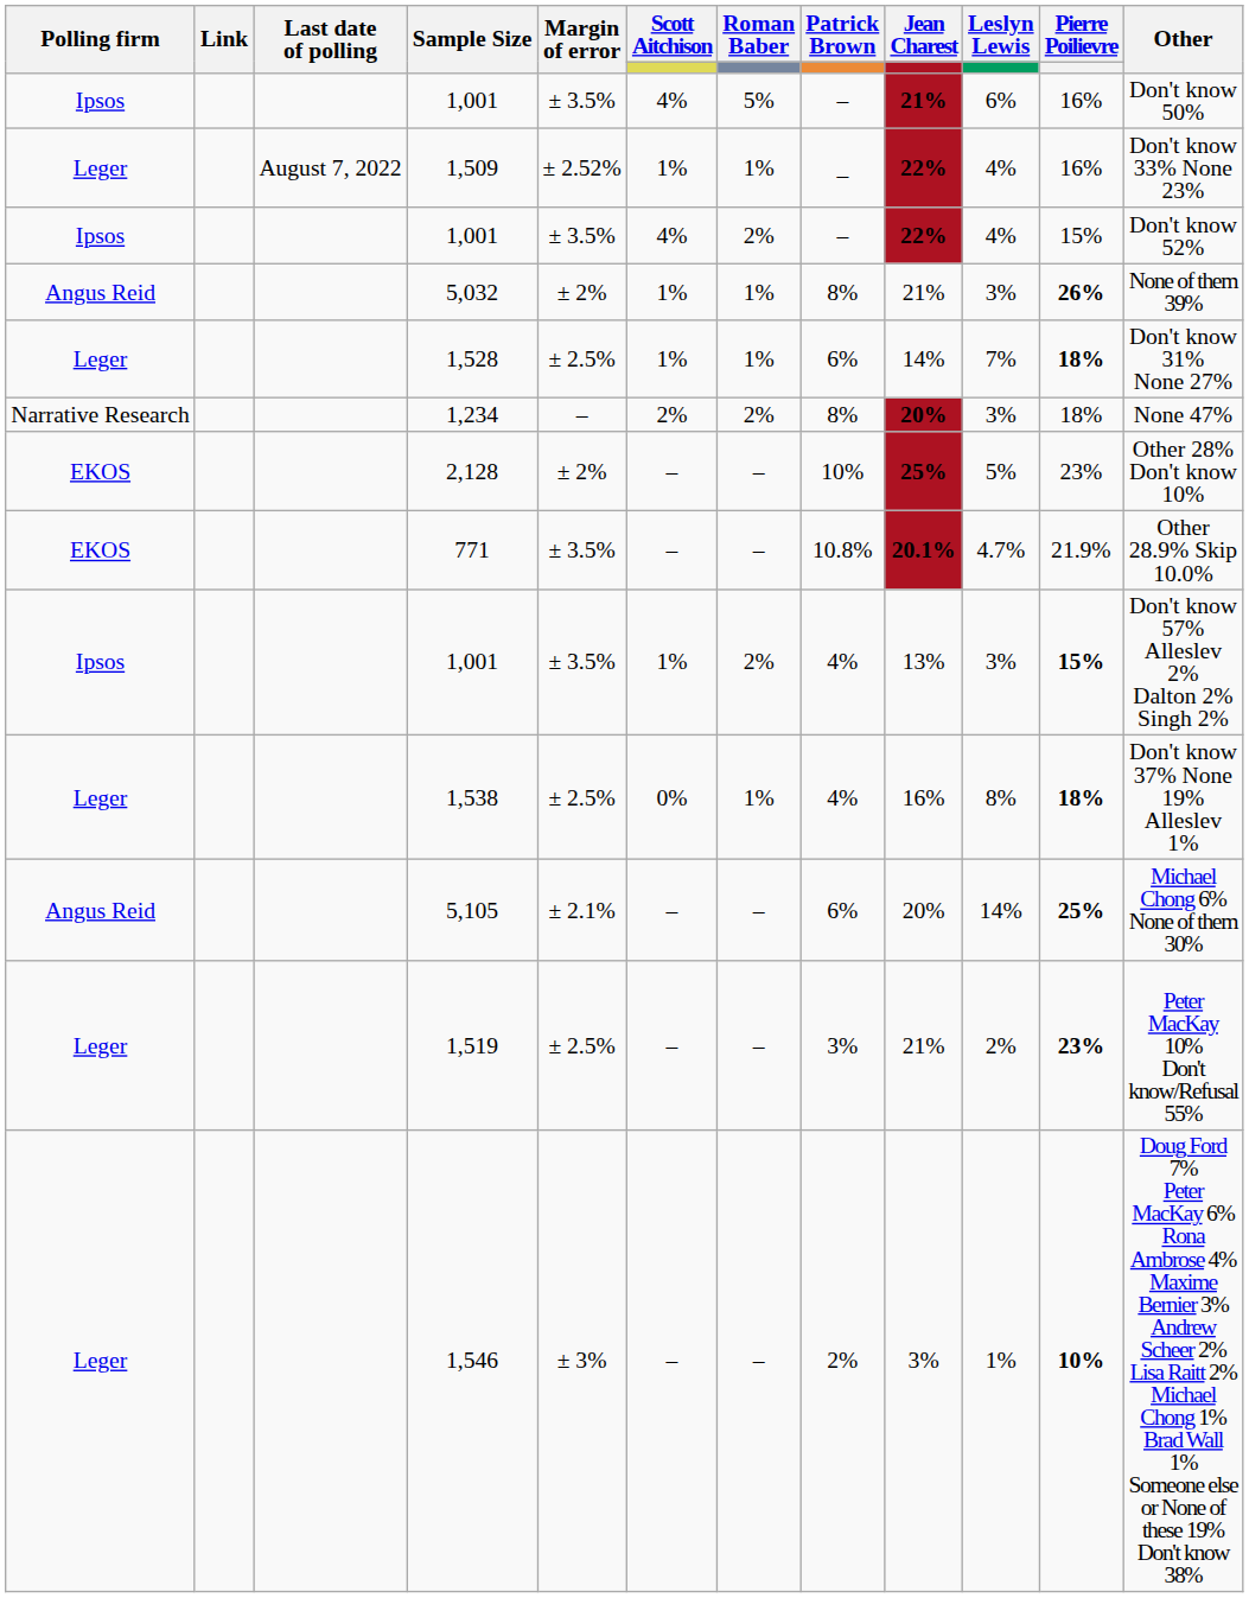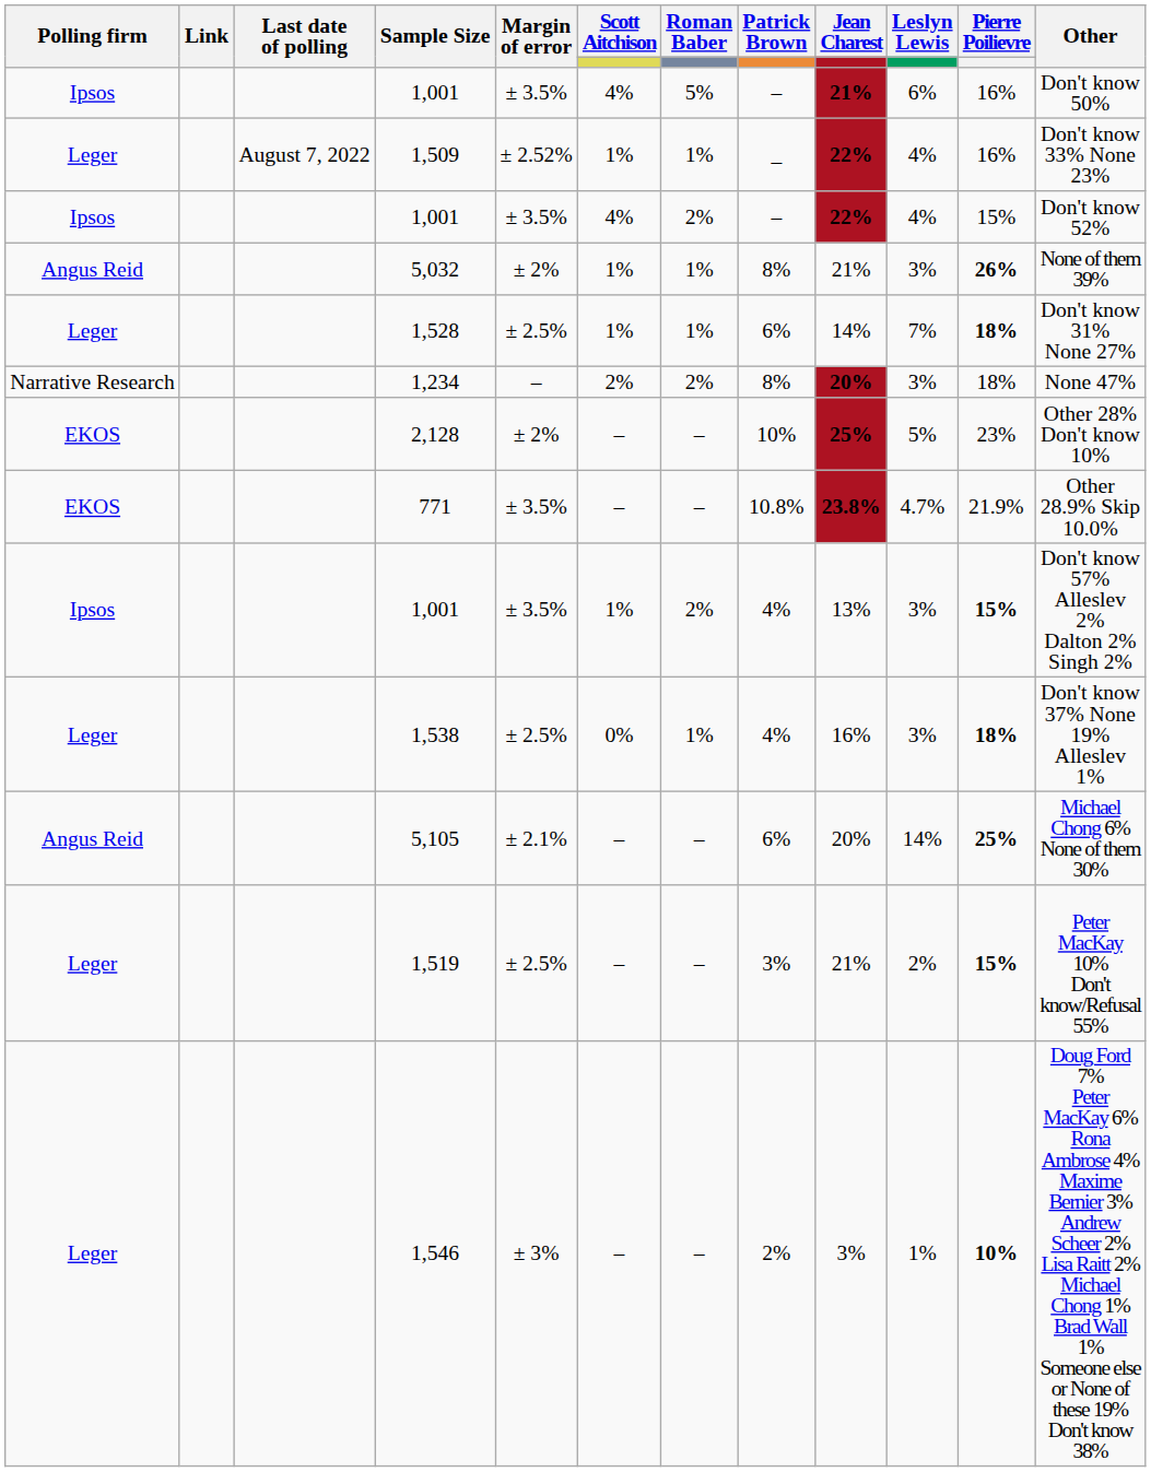 <table class="wikitable sortable mw-datatable" style="text-align:center; line-height:14px;font-size:90%;">
 <tr>
 <th rowspan="2">Polling firm</th>
 <th rowspan="2" class="unsortable">Link</th>
 <th rowspan="2">Last date<br>of polling</th>
 <th rowspan="2" class="unsortable">Sample Size</th>
 <th rowspan="2">Margin<br>of error</th>
 <th style="width:25px;letter-spacing:-1px;"><a href='#'>Scott Aitchison</a></th>
 <th style="width:25px;"><a href='#'>Roman Baber</a></th>
 <th style="width:25px;"><a href='#'>Patrick Brown</a></th>
 <th style="width:25px;letter-spacing:-1px;"><a href='#'>Jean Charest</a></th>
 <th style="width:25px;"><a href='#'>Leslyn Lewis</a></th>
 <th style="width:25px;letter-spacing:-1px;"><a href='#'>Pierre Poilievre</a></th>
 <th rowspan="2" style="width:25px;">Other</th>
 </tr>
 <tr class="sorttop">
 <th style="background-color:#dfda57;"></th>
 <th style="background-color:#75859e;"></th>
 <th style="background-color:#ec8a37;"></th>
 <th style="background-color:#AD1222;"></th>
 <th style="background-color:#009E60;"></th>
 <th style="background-color:"></th>
 </tr>
 <tr>
 <td><a href='#'>Ipsos</a></td>
 <td></td>
 <td></td>
 <td>1,001</td>
 <td>± 3.5%</td>
 <td>4%</td>
 <td>5%</td>
 <td>–</td>
 <td style="background-color:#AD1222;"><strong>21%</strong></td>
 <td>6%</td>
 <td>16%</td>
 <td>Don't know 50%</td>
 </tr>
 <tr>
 <td><a href='#'>Leger</a></td>
 <td></td>
 <td>August 7, 2022</td>
 <td>1,509</td>
 <td>± 2.52%</td>
 <td>1%</td>
 <td>1%</td>
 <td>_</td>
 <td style="background-color:#AD1222;"><strong>22%</strong></td>
 <td>4%</td>
 <td>16%</td>
 <td>Don't know 33% None 23%</td>
 </tr>
 <tr>
 <td><a href='#'>Ipsos</a></td>
 <td></td>
 <td></td>
 <td>1,001</td>
 <td>± 3.5%</td>
 <td>4%</td>
 <td>2%</td>
 <td>–</td>
 <td style="background-color:#AD1222;"><strong>22%</strong></td>
 <td>4%</td>
 <td>15%</td>
 <td>Don't know 52%</td>
 </tr>
 <tr>
 <td><a href='#'>Angus Reid</a></td>
 <td></td>
 <td></td>
 <td>5,032</td>
 <td>± 2%</td>
 <td>1%</td>
 <td>1%</td>
 <td>8%</td>
 <td>21%</td>
 <td>3%</td>
 <td style="background-color:"><strong>26%</strong></td>
 <td style="letter-spacing:-1px;">None of them 39%</td>
 </tr>
 <tr>
 <td><a href='#'>Leger</a></td>
 <td></td>
 <td></td>
 <td>1,528</td>
 <td>± 2.5%</td>
 <td>1%</td>
 <td>1%</td>
 <td>6%</td>
 <td>14%</td>
 <td>7%</td>
 <td style="background-color:"><strong>18%</strong></td>
 <td>Don't know 31%<br>None 27%</td>
 </tr>
 <tr>
 <td>Narrative Research</td>
 <td></td>
 <td></td>
 <td>1,234</td>
 <td>–</td>
 <td>2%</td>
 <td>2%</td>
 <td>8%</td>
 <td style="background-color:#AD1222;"><strong>20%</strong></td>
 <td>3%</td>
 <td>18%</td>
 <td>None 47%</td>
 </tr>
 <tr>
 <td><a href='#'>EKOS</a></td>
 <td></td>
 <td></td>
 <td>2,128</td>
 <td>± 2%</td>
 <td>–</td>
 <td>–</td>
 <td>10%</td>
 <td style="background-color:#AD1222;"><strong>25%</strong></td>
 <td>5%</td>
 <td>23%</td>
 <td>Other 28%<br>Don't know 10%</td>
 </tr>
 <tr>
 <td><a href='#'>EKOS</a></td>
 <td></td>
 <td></td>
 <td>771</td>
 <td>± 3.5%</td>
 <td>–</td>
 <td>–</td>
 <td>10.8%</td>
-<td style="background-color:#AD1222;"><strong>20.1%</strong></td>
+<td style="background-color:#AD1222;"><strong>23.8%</strong></td>
 <td>4.7%</td>
 <td>21.9%</td>
 <td>Other 28.9% Skip 10.0%</td>
 </tr>
 <tr>
 <td><a href='#'>Ipsos</a></td>
 <td></td>
 <td></td>
 <td>1,001</td>
 <td>± 3.5%</td>
 <td>1%</td>
 <td>2%</td>
 <td>4%</td>
 <td>13%</td>
 <td>3%</td>
 <td style="background-color:"><strong>15%</strong></td>
 <td>Don't know 57% Alleslev 2%<br>Dalton 2%<br>Singh 2%</td>
 </tr>
 <tr>
 <td><a href='#'>Leger</a></td>
 <td></td>
 <td></td>
 <td>1,538</td>
 <td>± 2.5%</td>
 <td>0%</td>
 <td>1%</td>
 <td>4%</td>
 <td>16%</td>
-<td>8%</td>
+<td>3%</td>
 <td style="background-color:"><strong>18%</strong></td>
 <td>Don't know 37% None 19% Alleslev 1%</td>
 </tr>
 <tr>
 <td><a href='#'>Angus Reid</a></td>
 <td></td>
 <td></td>
 <td>5,105</td>
 <td>± 2.1%</td>
 <td>–</td>
 <td>–</td>
 <td>6%</td>
 <td>20%</td>
 <td>14%</td>
 <td style="background-color:"><strong>25%</strong></td>
 <td style="letter-spacing:-1px;"><a href='#'>Michael Chong</a> 6%<br>None of them 30%</td>
 </tr>
 <tr>
 <td><a href='#'>Leger</a></td>
 <td></td>
 <td></td>
 <td>1,519</td>
 <td>± 2.5%</td>
 <td>–</td>
 <td>–</td>
 <td>3%</td>
 <td>21%</td>
 <td>2%</td>
-<td style="background-color:"><strong>23%</strong></td>
+<td style="background-color:"><strong>15%</strong></td>
 <td style="letter-spacing:-1px;"><br><a href='#'>Peter MacKay</a> 10%<br>Don't know/Refusal 55%</td>
 </tr>
 <tr>
 <td><a href='#'>Leger</a></td>
 <td></td>
 <td></td>
 <td>1,546</td>
 <td>± 3%</td>
 <td>–</td>
 <td>–</td>
 <td>2%</td>
 <td>3%</td>
 <td>1%</td>
 <td style="background-color:"><strong>10%</strong></td>
 <td style="letter-spacing:-1px;"><a href='#'>Doug Ford</a> 7%<br><a href='#'>Peter MacKay</a> 6%<br><a href='#'>Rona Ambrose</a> 4%<br><a href='#'>Maxime Bernier</a> 3%<br><a href='#'>Andrew Scheer</a> 2%<br><a href='#'>Lisa Raitt</a> 2%<br><a href='#'>Michael Chong</a> 1%<br><a href='#'>Brad Wall</a> 1%<br>Someone else or None of these 19%<br>Don't know 38%</td>
 </tr>
 </table>
